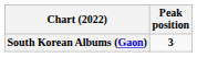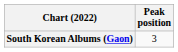 <table class="wikitable sortable plainrowheaders" style="text-align:center">
 <tr>
 <th scope="col">Chart (2022)</th>
 <th scope="col">Peak<br>position</th>
 </tr>
 <tr>
 <th scope="row">South Korean Albums (<a href='#'>Gaon</a>)</th>
-<td><strong>3</strong></td>
+<td>3</td>
 </tr>
 </table>
